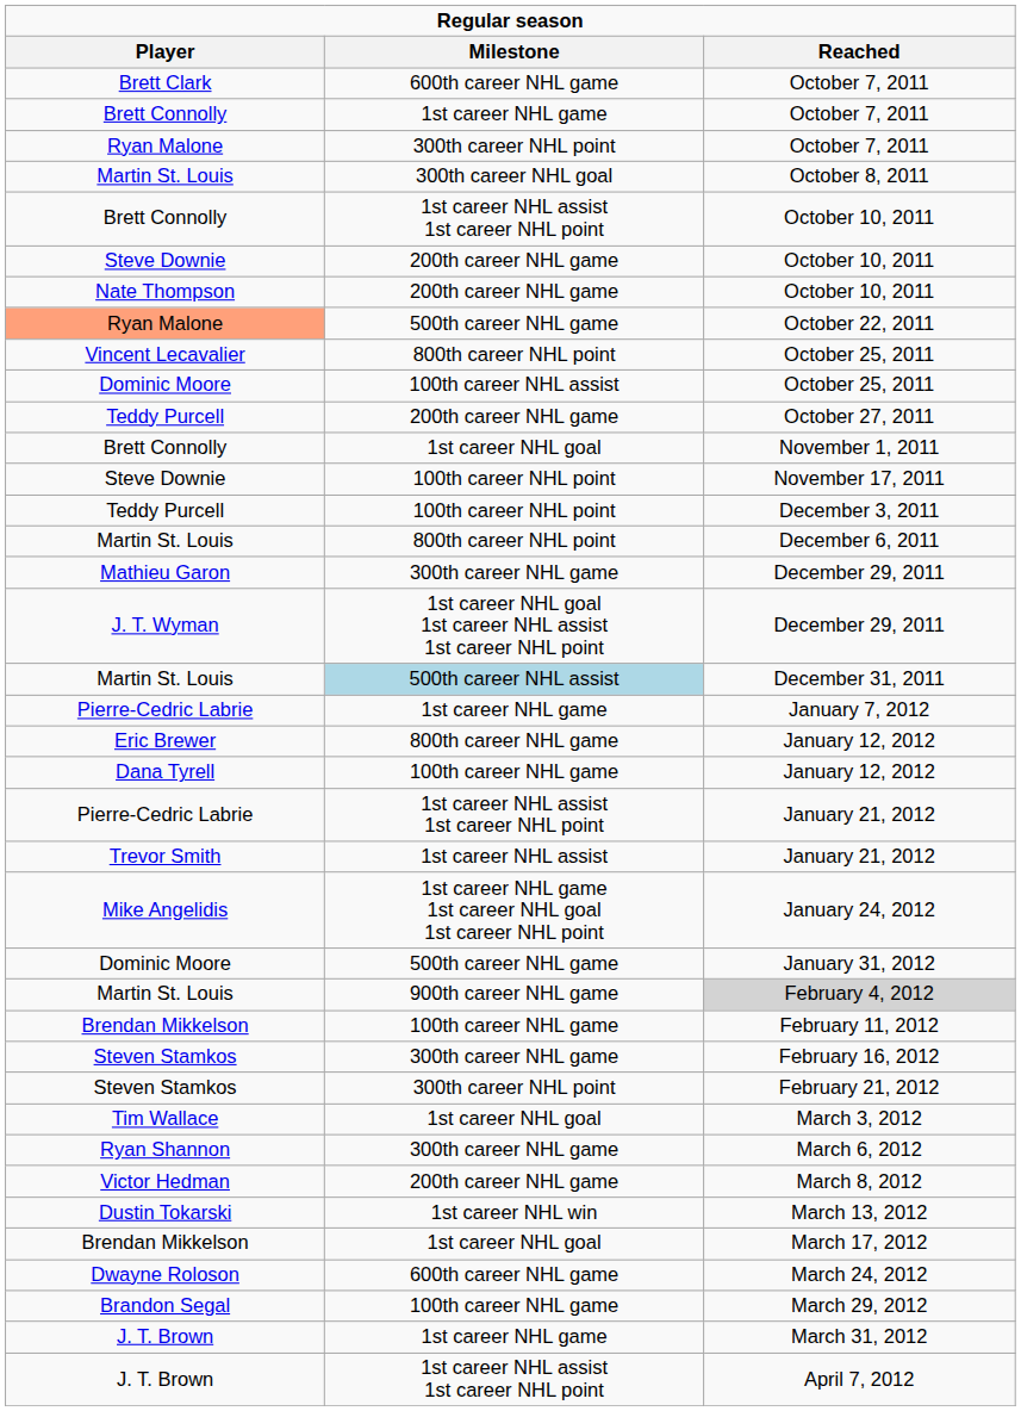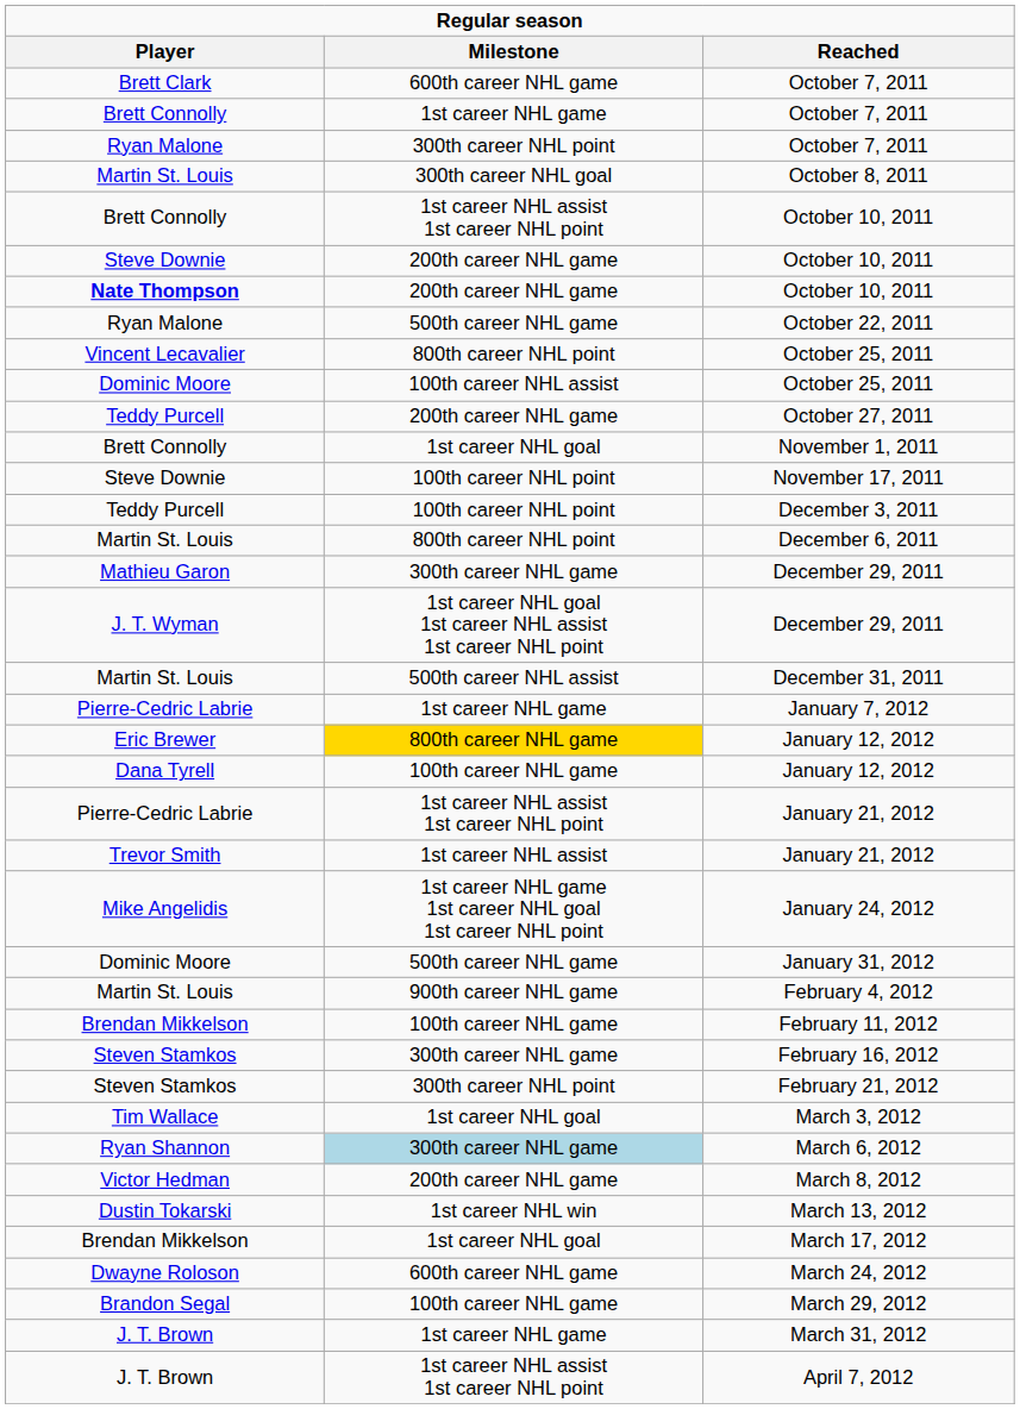 <table class="wikitable" width="52%" style="text-align:center">
 <tr>
 <td colspan="10" align="center"><strong>Regular season</strong></td>
 </tr>
 <tr>
 <th>Player</th>
 <th>Milestone</th>
 <th>Reached</th>
 </tr>
 <tr>
 <td><a href='#'>Brett Clark</a></td>
 <td>600th career NHL game</td>
 <td>October 7, 2011</td>
 </tr>
 <tr>
 <td><a href='#'>Brett Connolly</a></td>
 <td>1st career NHL game</td>
 <td>October 7, 2011</td>
 </tr>
 <tr>
 <td><a href='#'>Ryan Malone</a></td>
 <td>300th career NHL point</td>
 <td>October 7, 2011</td>
 </tr>
 <tr>
 <td><a href='#'>Martin St. Louis</a></td>
 <td>300th career NHL goal</td>
 <td>October 8, 2011</td>
 </tr>
 <tr>
 <td>Brett Connolly</td>
 <td>1st career NHL assist<br>1st career NHL point</td>
 <td>October 10, 2011</td>
 </tr>
 <tr>
 <td><a href='#'>Steve Downie</a></td>
 <td>200th career NHL game</td>
 <td>October 10, 2011</td>
 </tr>
 <tr>
-<td><a href='#'>Nate Thompson</a></td>
+<td><strong><a href='#'>Nate Thompson</a></strong></td>
 <td>200th career NHL game</td>
 <td>October 10, 2011</td>
 </tr>
 <tr>
-<td style="background: lightsalmon;">Ryan Malone</td>
+<td>Ryan Malone</td>
 <td>500th career NHL game</td>
 <td>October 22, 2011</td>
 </tr>
 <tr>
 <td><a href='#'>Vincent Lecavalier</a></td>
 <td>800th career NHL point</td>
 <td>October 25, 2011</td>
 </tr>
 <tr>
 <td><a href='#'>Dominic Moore</a></td>
 <td>100th career NHL assist</td>
 <td>October 25, 2011</td>
 </tr>
 <tr>
 <td><a href='#'>Teddy Purcell</a></td>
 <td>200th career NHL game</td>
 <td>October 27, 2011</td>
 </tr>
 <tr>
 <td>Brett Connolly</td>
 <td>1st career NHL goal</td>
 <td>November 1, 2011</td>
 </tr>
 <tr>
 <td>Steve Downie</td>
 <td>100th career NHL point</td>
 <td>November 17, 2011</td>
 </tr>
 <tr>
 <td>Teddy Purcell</td>
 <td>100th career NHL point</td>
 <td>December 3, 2011</td>
 </tr>
 <tr>
 <td>Martin St. Louis</td>
 <td>800th career NHL point</td>
 <td>December 6, 2011</td>
 </tr>
 <tr>
 <td><a href='#'>Mathieu Garon</a></td>
 <td>300th career NHL game</td>
 <td>December 29, 2011</td>
 </tr>
 <tr>
 <td><a href='#'>J. T. Wyman</a></td>
 <td>1st career NHL goal<br>1st career NHL assist<br>1st career NHL point</td>
 <td>December 29, 2011</td>
 </tr>
 <tr>
 <td>Martin St. Louis</td>
-<td style="background: lightblue;">500th career NHL assist</td>
+<td>500th career NHL assist</td>
 <td>December 31, 2011</td>
 </tr>
 <tr>
 <td><a href='#'>Pierre-Cedric Labrie</a></td>
 <td>1st career NHL game</td>
 <td>January 7, 2012</td>
 </tr>
 <tr>
 <td><a href='#'>Eric Brewer</a></td>
-<td>800th career NHL game</td>
+<td style="background: gold;">800th career NHL game</td>
 <td>January 12, 2012</td>
 </tr>
 <tr>
 <td><a href='#'>Dana Tyrell</a></td>
 <td>100th career NHL game</td>
 <td>January 12, 2012</td>
 </tr>
 <tr>
 <td>Pierre-Cedric Labrie</td>
 <td>1st career NHL assist<br>1st career NHL point</td>
 <td>January 21, 2012</td>
 </tr>
 <tr>
 <td><a href='#'>Trevor Smith</a></td>
 <td>1st career NHL assist</td>
 <td>January 21, 2012</td>
 </tr>
 <tr>
 <td><a href='#'>Mike Angelidis</a></td>
 <td>1st career NHL game<br>1st career NHL goal<br>1st career NHL point</td>
 <td>January 24, 2012</td>
 </tr>
 <tr>
 <td>Dominic Moore</td>
 <td>500th career NHL game</td>
 <td>January 31, 2012</td>
 </tr>
 <tr>
 <td>Martin St. Louis</td>
 <td>900th career NHL game</td>
-<td style="background: lightgrey;">February 4, 2012</td>
+<td>February 4, 2012</td>
 </tr>
 <tr>
 <td><a href='#'>Brendan Mikkelson</a></td>
 <td>100th career NHL game</td>
 <td>February 11, 2012</td>
 </tr>
 <tr>
 <td><a href='#'>Steven Stamkos</a></td>
 <td>300th career NHL game</td>
 <td>February 16, 2012</td>
 </tr>
 <tr>
 <td>Steven Stamkos</td>
 <td>300th career NHL point</td>
 <td>February 21, 2012</td>
 </tr>
 <tr>
 <td><a href='#'>Tim Wallace</a></td>
 <td>1st career NHL goal</td>
 <td>March 3, 2012</td>
 </tr>
 <tr>
 <td><a href='#'>Ryan Shannon</a></td>
-<td>300th career NHL game</td>
+<td style="background: lightblue;">300th career NHL game</td>
 <td>March 6, 2012</td>
 </tr>
 <tr>
 <td><a href='#'>Victor Hedman</a></td>
 <td>200th career NHL game</td>
 <td>March 8, 2012</td>
 </tr>
 <tr>
 <td><a href='#'>Dustin Tokarski</a></td>
 <td>1st career NHL win</td>
 <td>March 13, 2012</td>
 </tr>
 <tr>
 <td>Brendan Mikkelson</td>
 <td>1st career NHL goal</td>
 <td>March 17, 2012</td>
 </tr>
 <tr>
 <td><a href='#'>Dwayne Roloson</a></td>
 <td>600th career NHL game</td>
 <td>March 24, 2012</td>
 </tr>
 <tr>
 <td><a href='#'>Brandon Segal</a></td>
 <td>100th career NHL game</td>
 <td>March 29, 2012</td>
 </tr>
 <tr>
 <td><a href='#'>J. T. Brown</a></td>
 <td>1st career NHL game</td>
 <td>March 31, 2012</td>
 </tr>
 <tr>
 <td>J. T. Brown</td>
 <td>1st career NHL assist<br>1st career NHL point</td>
 <td>April 7, 2012</td>
 </tr>
 </table>
